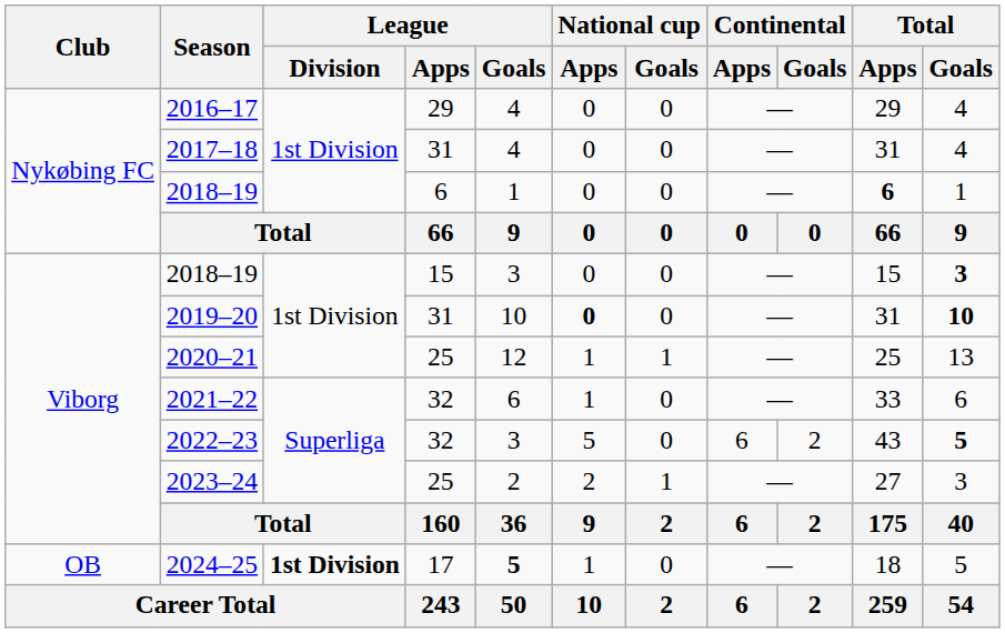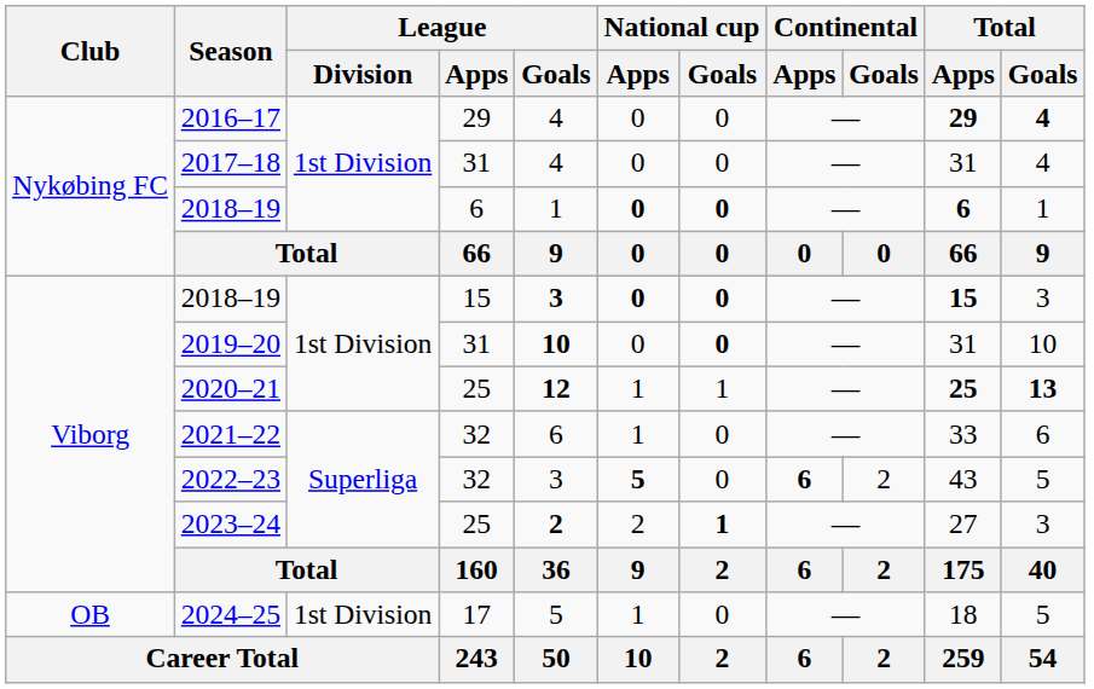 <table class=wikitable style=text-align:center>
 <tr>
 <th rowspan=2>Club</th>
 <th rowspan=2>Season</th>
 <th colspan=3>League</th>
 <th colspan=2>National cup</th>
 <th colspan=2>Continental</th>
 <th colspan=2>Total</th>
 </tr>
 <tr>
 <th>Division</th>
 <th>Apps</th>
 <th>Goals</th>
 <th>Apps</th>
 <th>Goals</th>
 <th>Apps</th>
 <th>Goals</th>
 <th>Apps</th>
 <th>Goals</th>
 </tr>
 <tr>
 <td rowspan=4><a href='#'>Nykøbing FC</a></td>
 <td><a href='#'>2016–17</a></td>
 <td rowspan=3><a href='#'>1st Division</a></td>
 <td>29</td>
 <td>4</td>
 <td>0</td>
 <td>0</td>
 <td colspan=2>—</td>
-<td>29</td>
-<td>4</td>
+<td><strong>29</strong></td>
+<td><strong>4</strong></td>
 </tr>
 <tr>
 <td><a href='#'>2017–18</a></td>
 <td>31</td>
 <td>4</td>
 <td>0</td>
 <td>0</td>
 <td colspan=2>—</td>
 <td>31</td>
 <td>4</td>
 </tr>
 <tr>
 <td><a href='#'>2018–19</a></td>
 <td>6</td>
 <td>1</td>
-<td>0</td>
-<td>0</td>
+<td><strong>0</strong></td>
+<td><strong>0</strong></td>
 <td colspan=2>—</td>
 <td><strong>6</strong></td>
 <td>1</td>
 </tr>
 <tr>
 <th colspan=2>Total</th>
 <th>66</th>
 <th>9</th>
 <th>0</th>
 <th>0</th>
 <th>0</th>
 <th>0</th>
 <th>66</th>
 <th>9</th>
 </tr>
 <tr>
 <td rowspan=7><a href='#'>Viborg</a></td>
 <td>2018–19</td>
 <td rowspan=3>1st Division</td>
 <td>15</td>
+<td><strong>3</strong></td>
+<td><strong>0</strong></td>
+<td><strong>0</strong></td>
+<td colspan=2>—</td>
+<td><strong>15</strong></td>
 <td>3</td>
-<td>0</td>
-<td>0</td>
-<td colspan=2>—</td>
-<td>15</td>
-<td><strong>3</strong></td>
 </tr>
 <tr>
 <td><a href='#'>2019–20</a></td>
 <td>31</td>
-<td>10</td>
+<td><strong>10</strong></td>
+<td>0</td>
 <td><strong>0</strong></td>
-<td>0</td>
 <td colspan=2>—</td>
 <td>31</td>
-<td><strong>10</strong></td>
+<td>10</td>
 </tr>
 <tr>
 <td><a href='#'>2020–21</a></td>
 <td>25</td>
-<td>12</td>
+<td><strong>12</strong></td>
 <td>1</td>
 <td>1</td>
 <td colspan=2>—</td>
-<td>25</td>
-<td>13</td>
+<td><strong>25</strong></td>
+<td><strong>13</strong></td>
 </tr>
 <tr>
 <td><a href='#'>2021–22</a></td>
 <td rowspan=3><a href='#'>Superliga</a></td>
 <td>32</td>
 <td>6</td>
 <td>1</td>
 <td>0</td>
 <td colspan=2>—</td>
 <td>33</td>
 <td>6</td>
 </tr>
 <tr>
 <td><a href='#'>2022–23</a></td>
 <td>32</td>
 <td>3</td>
-<td>5</td>
+<td><strong>5</strong></td>
 <td>0</td>
-<td>6</td>
+<td><strong>6</strong></td>
 <td>2</td>
 <td>43</td>
-<td><strong>5</strong></td>
+<td>5</td>
 </tr>
 <tr>
 <td><a href='#'>2023–24</a></td>
 <td>25</td>
+<td><strong>2</strong></td>
 <td>2</td>
-<td>2</td>
-<td>1</td>
+<td><strong>1</strong></td>
 <td colspan=2>—</td>
 <td>27</td>
 <td>3</td>
 </tr>
 <tr>
 <th colspan=2>Total</th>
 <th>160</th>
 <th>36</th>
 <th>9</th>
 <th>2</th>
 <th>6</th>
 <th>2</th>
 <th>175</th>
 <th>40</th>
 </tr>
 <tr>
 <td><a href='#'>OB</a></td>
 <td><a href='#'>2024–25</a></td>
-<td><strong>1st Division</strong></td>
+<td>1st Division</td>
 <td>17</td>
-<td><strong>5</strong></td>
+<td>5</td>
 <td>1</td>
 <td>0</td>
 <td colspan=2>—</td>
 <td>18</td>
 <td>5</td>
 </tr>
 <tr>
 <th colspan=3>Career Total</th>
 <th>243</th>
 <th>50</th>
 <th>10</th>
 <th>2</th>
 <th>6</th>
 <th>2</th>
 <th>259</th>
 <th>54</th>
 </tr>
 </table>
